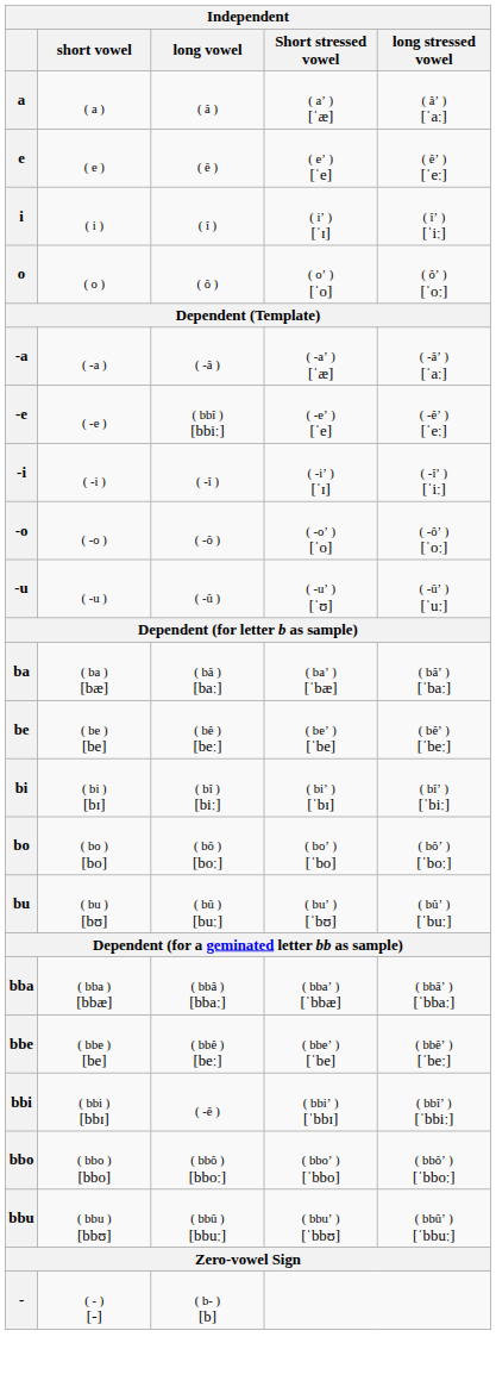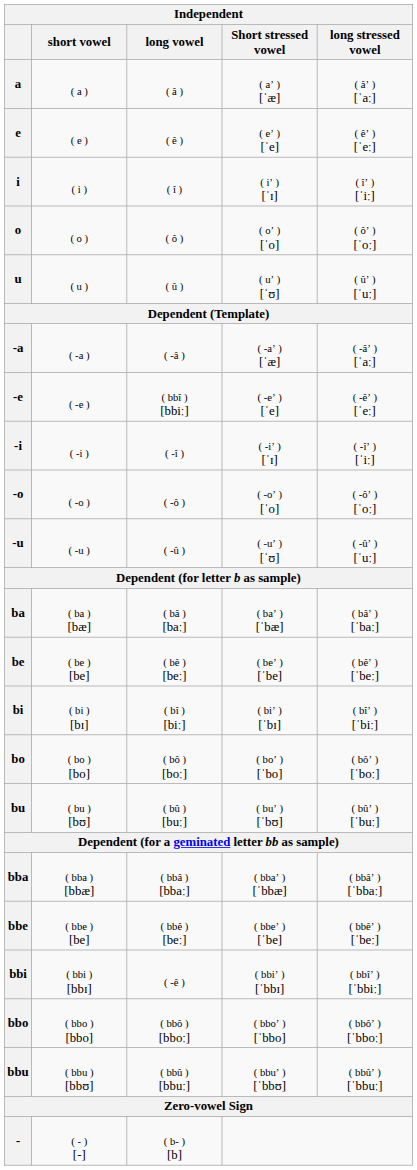 <table class="wikitable Unicode">
 <tr>
 <th colspan="5">Independent</th>
 </tr>
 <tr>
 <th></th>
 <th>short vowel</th>
 <th>long vowel</th>
 <th>Short stressed vowel</th>
 <th>long stressed vowel</th>
 </tr>
 <tr>
 <th>a</th>
 <td style="width:7em; text-align:center; padding: 3px;"><span></span><br><small>‌( a )</small><br></td>
 <td style="width:7em; text-align:center; padding: 3px;"><span></span><br><small>‌( â )</small><br></td>
 <td style="width:7em; text-align:center; padding: 3px;"><span></span><br><small>‌( aʼ )</small><br>[ˈæ]</td>
 <td style="width:7em; text-align:center; padding: 3px;"><span></span><br><small>‌( âʼ )</small><br>[ˈaː]</td>
 </tr>
 <tr>
 <th>e</th>
 <td style="width:7em; text-align:center; padding: 3px;"><span></span><br><small>‌( e )</small><br></td>
 <td style="width:7em; text-align:center; padding: 3px;"><span></span><br><small>‌( ê )</small><br></td>
 <td style="width:7em; text-align:center; padding: 3px;"><span></span><br><small>‌( eʼ )</small><br>[ˈe]</td>
 <td style="width:7em; text-align:center; padding: 3px;"><span></span><br><small>‌( êʼ )</small><br>[ˈeː]</td>
 </tr>
 <tr>
 <th>i</th>
 <td style="width:7em; text-align:center; padding: 3px;"><span></span><br><small>‌( i )</small><br></td>
 <td style="width:7em; text-align:center; padding: 3px;"><span></span><br><small>‌( î )</small><br></td>
 <td style="width:7em; text-align:center; padding: 3px;"><span></span><br><small>‌( iʼ )</small><br>[ˈɪ]</td>
 <td style="width:7em; text-align:center; padding: 3px;"><span></span><br><small>‌( îʼ )</small><br>[ˈiː]</td>
 </tr>
 <tr>
 <th>o</th>
 <td style="width:7em; text-align:center; padding: 3px;"><span></span><br><small>‌( o )</small><br></td>
 <td style="width:7em; text-align:center; padding: 3px;"><span></span><br><small>‌( ô )</small><br></td>
 <td style="width:7em; text-align:center; padding: 3px;"><span></span><br><small>‌( oʼ )</small><br>[ˈo]</td>
 <td style="width:7em; text-align:center; padding: 3px;"><span></span><br><small>‌( ôʼ )</small><br>[ˈoː]</td>
+</tr>
+<tr>
+<th>u</th>
+<td style="width:7em; text-align:center; padding: 3px;"><span></span><br><small>‌( u )</small><br></td>
+<td style="width:7em; text-align:center; padding: 3px;"><span></span><br><small>‌( û )</small><br></td>
+<td style="width:7em; text-align:center; padding: 3px;"><span></span><br><small>‌( uʼ )</small><br>[ˈʊ]</td>
+<td style="width:7em; text-align:center; padding: 3px;"><span></span><br><small>‌( ûʼ )</small><br>[ˈuː]</td>
 </tr>
 <tr>
 <th colspan="5">Dependent (Template)</th>
 </tr>
 <tr>
 <th>-a</th>
 <td style="width:7em; text-align:center; padding: 3px;"><span></span><br><small>‌( -a )</small><br></td>
 <td style="width:7em; text-align:center; padding: 3px;"><span></span><br><small>‌( -â )</small><br></td>
 <td style="width:7em; text-align:center; padding: 3px;"><span></span><br><small>‌( -aʼ )</small><br>[ˈæ]</td>
 <td style="width:7em; text-align:center; padding: 3px;"><span></span><br><small>‌( -âʼ )</small><br>[ˈaː]</td>
 </tr>
 <tr>
 <th>-e</th>
 <td style="width:7em; text-align:center; padding: 3px;"><span></span><br><small>‌( -e )</small><br></td>
 <td style="width:7em; text-align:center; padding: 3px;"><span></span><br><small>‌( bbî )</small><br>[bbiː]</td>
 <td style="width:7em; text-align:center; padding: 3px;"><span></span><br><small>‌( -eʼ )</small><br>[ˈe]</td>
 <td style="width:7em; text-align:center; padding: 3px;"><span></span><br><small>‌( -êʼ )</small><br>[ˈeː]</td>
 </tr>
 <tr>
 <th>-i</th>
 <td style="width:7em; text-align:center; padding: 3px;"><span></span><br><small>‌( -i )</small><br></td>
 <td style="width:7em; text-align:center; padding: 3px;"><span></span><br><small>‌( -î )</small><br></td>
 <td style="width:7em; text-align:center; padding: 3px;"><span></span><br><small>‌( -iʼ )</small><br>[ˈɪ]</td>
 <td style="width:7em; text-align:center; padding: 3px;"><span></span><br><small>‌( -îʼ )</small><br>[ˈiː]</td>
 </tr>
 <tr>
 <th>-o</th>
 <td style="width:7em; text-align:center; padding: 3px;"><span></span><br><small>‌( -o )</small><br></td>
 <td style="width:7em; text-align:center; padding: 3px;"><span></span><br><small>‌( -ô )</small><br></td>
 <td style="width:7em; text-align:center; padding: 3px;"><span></span><br><small>‌( -oʼ )</small><br>[ˈo]</td>
 <td style="width:7em; text-align:center; padding: 3px;"><span></span><br><small>‌( -ôʼ )</small><br>[ˈoː]</td>
 </tr>
 <tr>
 <th>-u</th>
 <td style="width:7em; text-align:center; padding: 3px;"><span></span><br><small>‌( -u )</small><br></td>
 <td style="width:7em; text-align:center; padding: 3px;"><span></span><br><small>‌( -û )</small><br></td>
 <td style="width:7em; text-align:center; padding: 3px;"><span></span><br><small>‌( -uʼ )</small><br>[ˈʊ]</td>
 <td style="width:7em; text-align:center; padding: 3px;"><span></span><br><small>‌( -ûʼ )</small><br>[ˈuː]</td>
 </tr>
 <tr>
 <th colspan="5">Dependent (for letter  <em>b</em> as sample)</th>
 </tr>
 <tr>
 <th>ba</th>
 <td style="width:7em; text-align:center; padding: 3px;"><span></span><br><small>‌( ba )</small><br>[bæ]</td>
 <td style="width:7em; text-align:center; padding: 3px;"><span></span><br><small>‌( bâ )</small><br>[baː]</td>
 <td style="width:7em; text-align:center; padding: 3px;"><span></span><br><small>‌( baʼ )</small><br>[ˈbæ]</td>
 <td style="width:7em; text-align:center; padding: 3px;"><span></span><br><small>‌( bâʼ )</small><br>[ˈbaː]</td>
 </tr>
 <tr>
 <th>be</th>
 <td style="width:7em; text-align:center; padding: 3px;"><span></span><br><small>‌( be )</small><br>[be]</td>
 <td style="width:7em; text-align:center; padding: 3px;"><span></span><br><small>‌( bê )</small><br>[beː]</td>
 <td style="width:7em; text-align:center; padding: 3px;"><span></span><br><small>‌( beʼ )</small><br>[ˈbe]</td>
 <td style="width:7em; text-align:center; padding: 3px;"><span></span><br><small>‌( bêʼ )</small><br>[ˈbeː]</td>
 </tr>
 <tr>
 <th>bi</th>
 <td style="width:7em; text-align:center; padding: 3px;"><span></span><br><small>‌( bi )</small><br>[bɪ]</td>
 <td style="width:7em; text-align:center; padding: 3px;"><span></span><br><small>‌( bî )</small><br>[biː]</td>
 <td style="width:7em; text-align:center; padding: 3px;"><span></span><br><small>‌( biʼ )</small><br>[ˈbɪ]</td>
 <td style="width:7em; text-align:center; padding: 3px;"><span></span><br><small>‌( bîʼ )</small><br>[ˈbiː]</td>
 </tr>
 <tr>
 <th>bo</th>
 <td style="width:7em; text-align:center; padding: 3px;"><span></span><br><small>‌( bo )</small><br>[bo]</td>
 <td style="width:7em; text-align:center; padding: 3px;"><span></span><br><small>‌( bô )</small><br>[boː]</td>
 <td style="width:7em; text-align:center; padding: 3px;"><span></span><br><small>‌( boʼ )</small><br>[ˈbo]</td>
 <td style="width:7em; text-align:center; padding: 3px;"><span></span><br><small>‌( bôʼ )</small><br>[ˈboː]</td>
 </tr>
 <tr>
 <th>bu</th>
 <td style="width:7em; text-align:center; padding: 3px;"><span></span><br><small>‌( bu )</small><br>[bʊ]</td>
 <td style="width:7em; text-align:center; padding: 3px;"><span></span><br><small>‌( bû )</small><br>[buː]</td>
 <td style="width:7em; text-align:center; padding: 3px;"><span></span><br><small>‌( buʼ )</small><br>[ˈbʊ]</td>
 <td style="width:7em; text-align:center; padding: 3px;"><span></span><br><small>‌( bûʼ )</small><br>[ˈbuː]</td>
 </tr>
 <tr>
 <th colspan="5">Dependent (for a <a href='#'>geminated</a> letter  <em>bb</em> as sample)</th>
 </tr>
 <tr>
 <th>bba</th>
 <td style="width:7em; text-align:center; padding: 3px;"><span></span><br><small>‌( bba )</small><br>[bbæ]</td>
 <td style="width:7em; text-align:center; padding: 3px;"><span></span><br><small>‌( bbâ )</small><br>[bbaː]</td>
 <td style="width:7em; text-align:center; padding: 3px;"><span></span><br><small>‌( bbaʼ )</small><br>[ˈbbæ]</td>
 <td style="width:7em; text-align:center; padding: 3px;"><span></span><br><small>‌( bbâʼ )</small><br>[ˈbbaː]</td>
 </tr>
 <tr>
 <th>bbe</th>
 <td style="width:7em; text-align:center; padding: 3px;"><span></span><br><small>‌( bbe )</small><br>[be]</td>
 <td style="width:7em; text-align:center; padding: 3px;"><span></span><br><small>‌( bbê )</small><br>[beː]</td>
 <td style="width:7em; text-align:center; padding: 3px;"><span></span><br><small>‌( bbeʼ )</small><br>[ˈbe]</td>
 <td style="width:7em; text-align:center; padding: 3px;"><span></span><br><small>‌( bbêʼ )</small><br>[ˈbeː]</td>
 </tr>
 <tr>
 <th>bbi</th>
 <td style="width:7em; text-align:center; padding: 3px;"><span></span><br><small>‌( bbi )</small><br>[bbɪ]</td>
 <td style="width:7em; text-align:center; padding: 3px;"><span></span><br><small>‌( -ê )</small><br></td>
 <td style="width:7em; text-align:center; padding: 3px;"><span></span><br><small>‌( bbiʼ )</small><br>[ˈbbɪ]</td>
 <td style="width:7em; text-align:center; padding: 3px;"><span></span><br><small>‌( bbîʼ )</small><br>[ˈbbiː]</td>
 </tr>
 <tr>
 <th>bbo</th>
 <td style="width:7em; text-align:center; padding: 3px;"><span></span><br><small>‌( bbo )</small><br>[bbo]</td>
 <td style="width:7em; text-align:center; padding: 3px;"><span></span><br><small>‌( bbô )</small><br>[bboː]</td>
 <td style="width:7em; text-align:center; padding: 3px;"><span></span><br><small>‌( bboʼ )</small><br>[ˈbbo]</td>
 <td style="width:7em; text-align:center; padding: 3px;"><span></span><br><small>‌( bbôʼ )</small><br>[ˈbboː]</td>
 </tr>
 <tr>
 <th>bbu</th>
 <td style="width:7em; text-align:center; padding: 3px;"><span></span><br><small>‌( bbu )</small><br>[bbʊ]</td>
 <td style="width:7em; text-align:center; padding: 3px;"><span></span><br><small>‌( bbû )</small><br>[bbuː]</td>
 <td style="width:7em; text-align:center; padding: 3px;"><span></span><br><small>‌( bbuʼ )</small><br>[ˈbbʊ]</td>
 <td style="width:7em; text-align:center; padding: 3px;"><span></span><br><small>‌( bbûʼ )</small><br>[ˈbbuː]</td>
 </tr>
 <tr>
 <th colspan="5">Zero-vowel Sign</th>
 </tr>
 <tr>
 <th>-</th>
 <td style="width:7em; text-align:center; padding: 3px;"><span></span><br><small>‌( - )</small><br>[-]</td>
 <td style="width:7em; text-align:center; padding: 3px;"><span></span><br><small>‌( b- )</small><br>[b]</td>
 </tr>
 </table>
